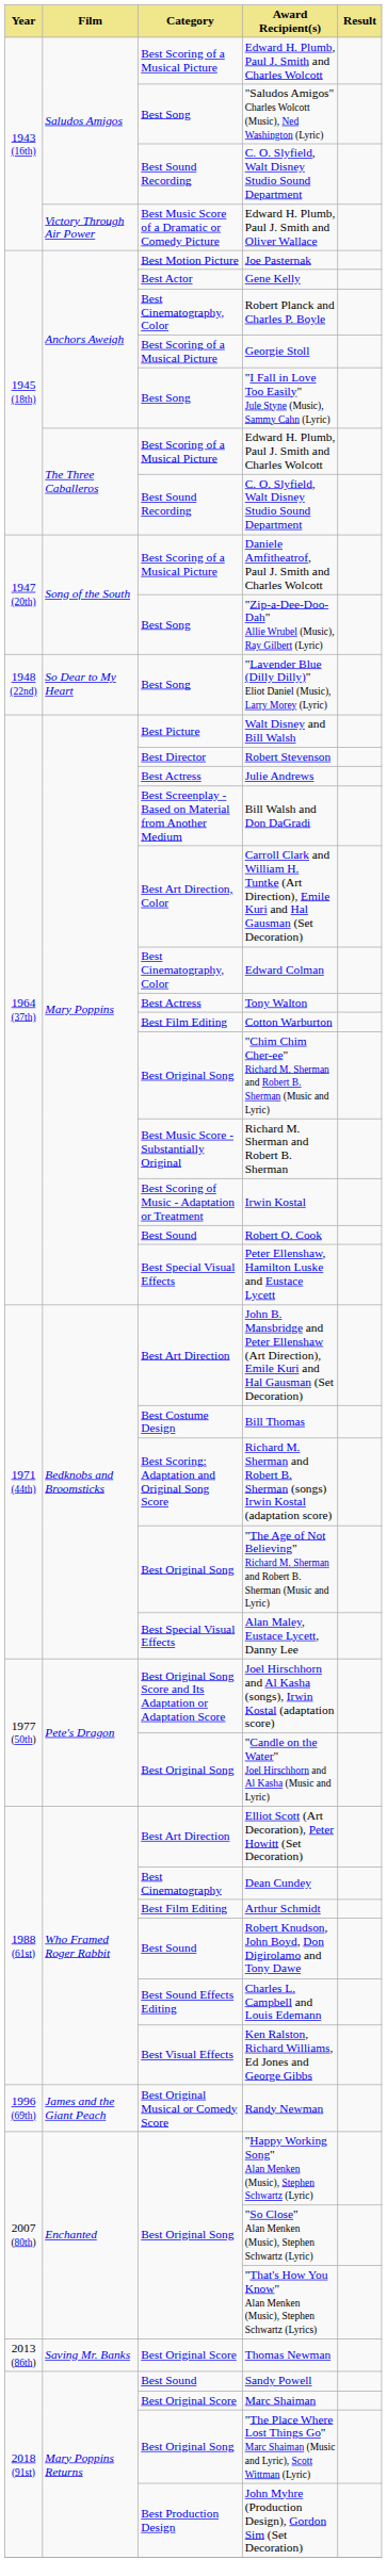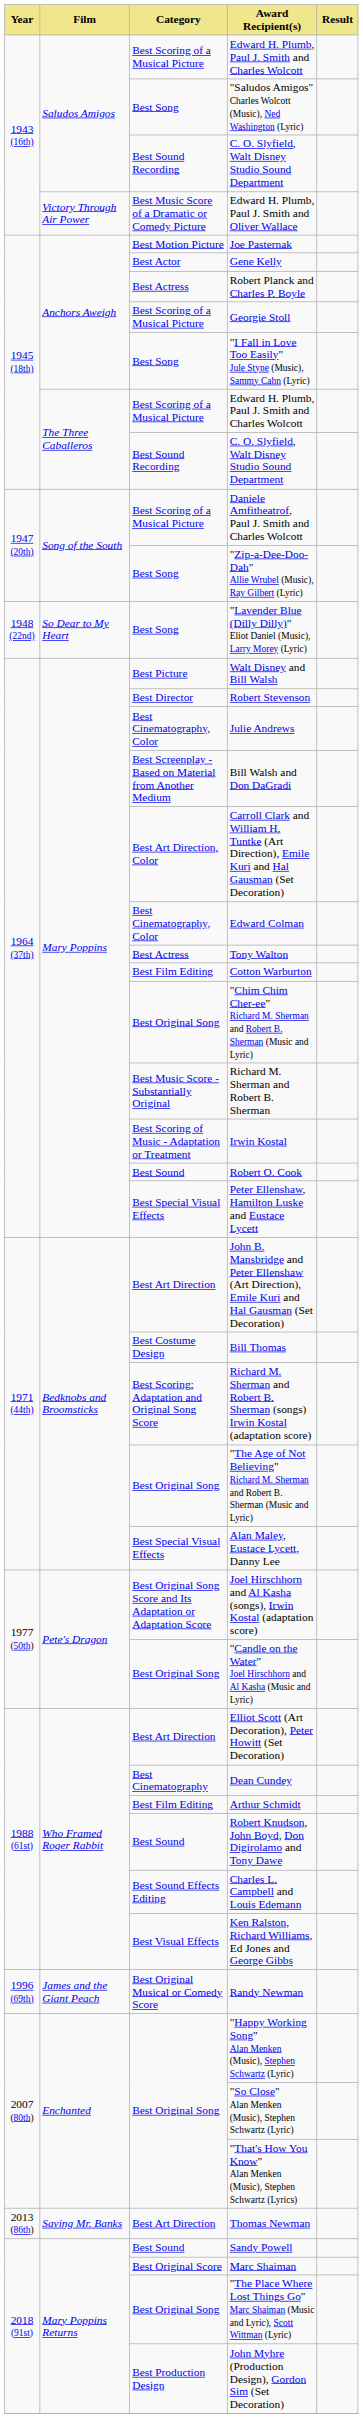 <table class="wikitable" width="80%">
 <tr>
 <th width="5%" style="background:#F0E68C">Year</th>
 <th width="20%" style="background:#F0E68C">Film</th>
 <th width="15%" style="background:#F0E68C">Category</th>
 <th width="20%" style="background:#F0E68C">Award Recipient(s)</th>
 <th width="5%" style="background:#F0E68C">Result</th>
 </tr>
 <tr>
 <td rowspan=4 align="center"><a href='#'>1943</a><br><small><a href='#'>(16th)</a></small></td>
 <td rowspan=3><em><a href='#'>Saludos Amigos</a></em></td>
 <td><a href='#'>Best Scoring of a Musical Picture</a></td>
 <td><a href='#'>Edward H. Plumb</a>, <a href='#'>Paul J. Smith</a> and <a href='#'>Charles Wolcott</a></td>
 <td></td>
 </tr>
 <tr>
 <td><a href='#'>Best Song</a></td>
 <td>"Saludos Amigos" <br><small>Charles Wolcott (Music), <a href='#'>Ned Washington</a> (Lyric) </small></td>
 <td></td>
 </tr>
 <tr>
 <td><a href='#'>Best Sound Recording</a></td>
 <td><a href='#'>C. O. Slyfield</a>, <a href='#'>Walt Disney Studio Sound Department</a></td>
 <td></td>
 </tr>
 <tr>
 <td><em><a href='#'>Victory Through Air Power</a></em></td>
 <td><a href='#'>Best Music Score of a Dramatic or Comedy Picture</a></td>
 <td>Edward H. Plumb, Paul J. Smith and <a href='#'>Oliver Wallace</a></td>
 <td></td>
 </tr>
 <tr>
 <td rowspan=7 align="center"><a href='#'>1945</a><br><small><a href='#'>(18th)</a></small></td>
 <td rowspan=5><em><a href='#'>Anchors Aweigh</a></em></td>
 <td><a href='#'>Best Motion Picture</a></td>
 <td><a href='#'>Joe Pasternak</a></td>
 <td></td>
 </tr>
 <tr>
 <td><a href='#'>Best Actor</a></td>
 <td><a href='#'>Gene Kelly</a></td>
 <td></td>
 </tr>
 <tr>
-<td><a href='#'>Best Cinematography, Color</a></td>
+<td><a href='#'>Best Actress</a></td>
 <td>Robert Planck and <a href='#'>Charles P. Boyle</a></td>
 <td></td>
 </tr>
 <tr>
 <td><a href='#'>Best Scoring of a Musical Picture</a></td>
 <td><a href='#'>Georgie Stoll</a></td>
 <td></td>
 </tr>
 <tr>
 <td><a href='#'>Best Song</a></td>
 <td>"<a href='#'>I Fall in Love Too Easily</a>"<br><small> <a href='#'>Jule Styne</a> (Music), <a href='#'>Sammy Cahn</a> (Lyric) </small></td>
 <td></td>
 </tr>
 <tr>
 <td rowspan=2><em><a href='#'>The Three Caballeros</a></em></td>
 <td><a href='#'>Best Scoring of a Musical Picture</a></td>
 <td>Edward H. Plumb, Paul J. Smith and Charles Wolcott</td>
 <td></td>
 </tr>
 <tr>
 <td><a href='#'>Best Sound Recording</a></td>
 <td><a href='#'>C. O. Slyfield</a>, <a href='#'>Walt Disney Studio Sound Department</a></td>
 <td></td>
 </tr>
 <tr>
 <td rowspan=2 align="center"><a href='#'>1947</a><br><small><a href='#'>(20th)</a></small></td>
 <td rowspan=2><em><a href='#'>Song of the South</a></em></td>
 <td><a href='#'>Best Scoring of a Musical Picture</a></td>
 <td><a href='#'>Daniele Amfitheatrof</a>, Paul J. Smith and Charles Wolcott</td>
 <td></td>
 </tr>
 <tr>
 <td><a href='#'>Best Song</a></td>
 <td>"<a href='#'>Zip-a-Dee-Doo-Dah</a>"<br><small><a href='#'>Allie Wrubel</a> (Music), <a href='#'>Ray Gilbert</a> (Lyric)</small></td>
 <td></td>
 </tr>
 <tr>
 <td align="center"><a href='#'>1948</a><br><small><a href='#'>(22nd)</a></small></td>
 <td><em><a href='#'>So Dear to My Heart</a></em></td>
 <td><a href='#'>Best Song</a></td>
 <td>"<a href='#'>Lavender Blue (Dilly Dilly)</a>"<br><small> Eliot Daniel (Music), <a href='#'>Larry Morey</a> (Lyric)</small></td>
 <td></td>
 </tr>
 <tr>
 <td rowspan=13 align="center"><a href='#'>1964</a><br><small><a href='#'>(37th)</a></small></td>
 <td rowspan=13><em><a href='#'>Mary Poppins</a></em></td>
 <td><a href='#'>Best Picture</a></td>
 <td><a href='#'>Walt Disney</a> and <a href='#'>Bill Walsh</a></td>
 <td></td>
 </tr>
 <tr>
 <td><a href='#'>Best Director</a></td>
 <td><a href='#'>Robert Stevenson</a></td>
 <td></td>
 </tr>
 <tr>
-<td><a href='#'>Best Actress</a></td>
+<td><a href='#'>Best Cinematography, Color</a></td>
 <td><a href='#'>Julie Andrews</a></td>
 <td></td>
 </tr>
 <tr>
 <td><a href='#'>Best Screenplay - Based on Material from Another Medium</a></td>
 <td>Bill Walsh and <a href='#'>Don DaGradi</a></td>
 <td></td>
 </tr>
 <tr>
 <td><a href='#'>Best Art Direction, Color</a></td>
 <td><a href='#'>Carroll Clark</a> and <a href='#'>William H. Tuntke</a> (Art Direction), <a href='#'>Emile Kuri</a> and <a href='#'>Hal Gausman</a> (Set Decoration)</td>
 <td></td>
 </tr>
 <tr>
 <td><a href='#'>Best Cinematography, Color</a></td>
 <td><a href='#'>Edward Colman</a></td>
 <td></td>
 </tr>
 <tr>
 <td><a href='#'>Best Actress</a></td>
 <td><a href='#'>Tony Walton</a></td>
 <td></td>
 </tr>
 <tr>
 <td><a href='#'>Best Film Editing</a></td>
 <td><a href='#'>Cotton Warburton</a></td>
 <td></td>
 </tr>
 <tr>
 <td><a href='#'>Best Original Song</a></td>
 <td>"<a href='#'>Chim Chim Cher-ee</a>"<br><small> <a href='#'>Richard M. Sherman</a> and <a href='#'>Robert B. Sherman</a> (Music and Lyric) </small></td>
 <td></td>
 </tr>
 <tr>
 <td><a href='#'>Best Music Score - Substantially Original</a></td>
 <td>Richard M. Sherman and Robert B. Sherman</td>
 <td></td>
 </tr>
 <tr>
 <td><a href='#'>Best Scoring of Music - Adaptation or Treatment</a></td>
 <td><a href='#'>Irwin Kostal</a></td>
 <td></td>
 </tr>
 <tr>
 <td><a href='#'>Best Sound</a></td>
 <td><a href='#'>Robert O. Cook</a></td>
 <td></td>
 </tr>
 <tr>
 <td><a href='#'>Best Special Visual Effects</a></td>
 <td><a href='#'>Peter Ellenshaw</a>, <a href='#'>Hamilton Luske</a> and <a href='#'>Eustace Lycett</a></td>
 <td></td>
 </tr>
 <tr>
 <td rowspan=5 align="center"><a href='#'>1971</a><br><small><a href='#'>(44th)</a></small></td>
 <td rowspan=5><em><a href='#'>Bedknobs and Broomsticks</a></em></td>
 <td><a href='#'>Best Art Direction</a></td>
 <td><a href='#'>John B. Mansbridge</a> and <a href='#'>Peter Ellenshaw</a> (Art Direction), <a href='#'>Emile Kuri</a> and <a href='#'>Hal Gausman</a> (Set Decoration)</td>
 <td></td>
 </tr>
 <tr>
 <td><a href='#'>Best Costume Design</a></td>
 <td><a href='#'>Bill Thomas</a></td>
 <td></td>
 </tr>
 <tr>
 <td><a href='#'>Best Scoring: Adaptation and Original Song Score</a></td>
 <td><a href='#'>Richard M. Sherman</a> and <a href='#'>Robert B. Sherman</a> (songs) <a href='#'>Irwin Kostal</a> (adaptation score)</td>
 <td></td>
 </tr>
 <tr>
 <td><a href='#'>Best Original Song</a></td>
 <td>"<a href='#'>The Age of Not Believing</a>"<br><small> <a href='#'>Richard M. Sherman</a> and Robert B. Sherman (Music and Lyric) </small></td>
 <td></td>
 </tr>
 <tr>
 <td><a href='#'>Best Special Visual Effects</a></td>
 <td><a href='#'>Alan Maley</a>, <a href='#'>Eustace Lycett</a>, Danny Lee</td>
 <td></td>
 </tr>
 <tr>
 <td rowspan="2" align="center">1977<br><small>(<a href='#'>50th</a>)</small></td>
 <td rowspan="2"><a href='#'><em>Pete's Dragon</em></a></td>
 <td><a href='#'>Best Original Song Score and Its Adaptation or Adaptation Score</a></td>
 <td><a href='#'>Joel Hirschhorn</a> and <a href='#'>Al Kasha</a> (songs), <a href='#'>Irwin Kostal</a> (adaptation score)</td>
 <td></td>
 </tr>
 <tr>
 <td><a href='#'>Best Original Song</a></td>
 <td>"<a href='#'>Candle on the Water</a>"<br><small> <a href='#'>Joel Hirschhorn</a> and <a href='#'>Al Kasha</a> (Music and Lyric)</small></td>
 <td></td>
 </tr>
 <tr>
 <td rowspan=6 align="center"><a href='#'>1988</a><br><small><a href='#'>(61st)</a></small></td>
 <td rowspan=6><em><a href='#'>Who Framed Roger Rabbit</a></em></td>
 <td><a href='#'>Best Art Direction</a></td>
 <td><a href='#'>Elliot Scott</a> (Art Decoration), <a href='#'>Peter Howitt</a> (Set Decoration)</td>
 <td></td>
 </tr>
 <tr>
 <td><a href='#'>Best Cinematography</a></td>
 <td><a href='#'>Dean Cundey</a></td>
 <td></td>
 </tr>
 <tr>
 <td><a href='#'>Best Film Editing</a></td>
 <td><a href='#'>Arthur Schmidt</a></td>
 <td></td>
 </tr>
 <tr>
 <td><a href='#'>Best Sound</a></td>
 <td><a href='#'>Robert Knudson</a>, <a href='#'>John Boyd</a>, <a href='#'>Don Digirolamo</a> and <a href='#'>Tony Dawe</a></td>
 <td></td>
 </tr>
 <tr>
 <td><a href='#'>Best Sound Effects Editing</a></td>
 <td><a href='#'>Charles L. Campbell</a> and <a href='#'>Louis Edemann</a></td>
 <td></td>
 </tr>
 <tr>
 <td><a href='#'>Best Visual Effects</a></td>
 <td><a href='#'>Ken Ralston</a>, <a href='#'>Richard Williams</a>, Ed Jones and <a href='#'>George Gibbs</a></td>
 <td></td>
 </tr>
 <tr>
 <td align="center"><a href='#'>1996</a><br><small><a href='#'>(69th)</a></small></td>
 <td><em><a href='#'>James and the Giant Peach</a></em></td>
 <td><a href='#'>Best Original Musical or Comedy Score</a></td>
 <td><a href='#'>Randy Newman</a></td>
 <td></td>
 </tr>
 <tr>
 <td rowspan="3" align="center">2007 <br> <small>(<a href='#'>80th</a>)</small></td>
 <td rowspan="3"><a href='#'><em>Enchanted</em></a></td>
 <td rowspan="3"><a href='#'>Best Original Song</a></td>
 <td>"<a href='#'>Happy Working Song</a>"<br><small> <a href='#'>Alan Menken</a> (Music), <a href='#'>Stephen Schwartz</a> (Lyric) </small></td>
 <td></td>
 </tr>
 <tr>
 <td>"<a href='#'>So Close</a>"<br><small> Alan Menken (Music),  Stephen Schwartz (Lyric) </small></td>
 <td></td>
 </tr>
 <tr>
 <td>"<a href='#'>That's How You Know</a>"<br><small> Alan Menken (Music), Stephen Schwartz (Lyrics) </small></td>
 <td></td>
 </tr>
 <tr>
 <td align=center>2013 <br> <small>(<a href='#'>86th</a>)</small></td>
 <td><em><a href='#'>Saving Mr. Banks</a></em></td>
-<td><a href='#'>Best Original Score</a></td>
+<td><a href='#'>Best Art Direction</a></td>
 <td><a href='#'>Thomas Newman</a></td>
 <td></td>
 </tr>
 <tr>
 <td rowspan=4 align="center"><a href='#'>2018</a><br><small><a href='#'>(91st)</a></small></td>
 <td rowspan=4><em><a href='#'>Mary Poppins Returns</a></em></td>
 <td><a href='#'>Best Sound</a></td>
 <td><a href='#'>Sandy Powell</a></td>
 <td></td>
 </tr>
 <tr>
 <td><a href='#'>Best Original Score</a></td>
 <td><a href='#'>Marc Shaiman</a></td>
 <td></td>
 </tr>
 <tr>
 <td><a href='#'>Best Original Song</a></td>
 <td>"<a href='#'>The Place Where Lost Things Go</a>"<br><small> <a href='#'>Marc Shaiman</a> (Music and Lyric), <a href='#'>Scott Wittman</a> (Lyric) </small></td>
 <td></td>
 </tr>
 <tr>
 <td><a href='#'>Best Production Design</a></td>
 <td><a href='#'>John Myhre</a> (Production Design), <a href='#'>Gordon Sim</a> (Set Decoration)</td>
 <td></td>
 </tr>
 <tr>
 </tr>
 </table>
